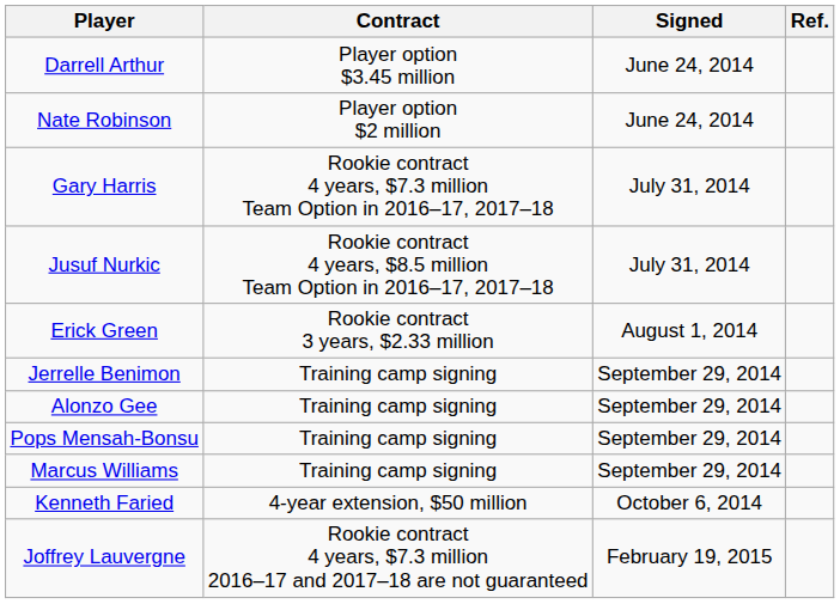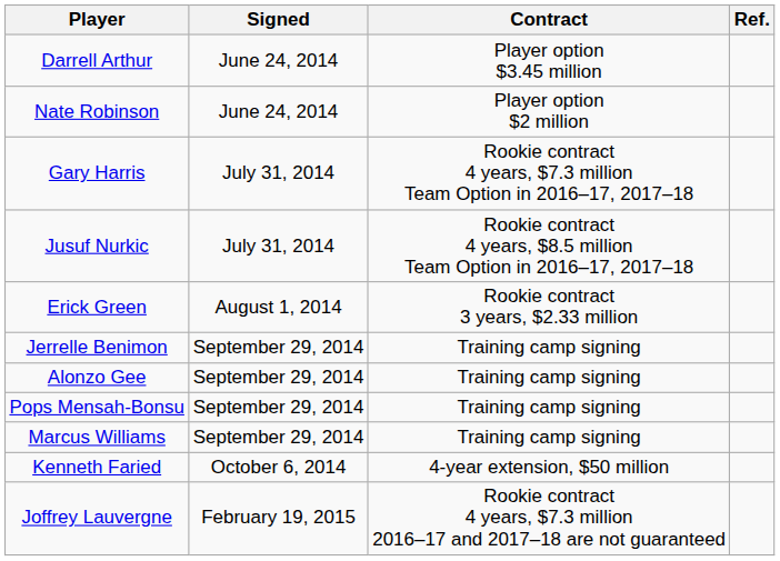 <table class="wikitable sortable sortable" style="text-align: center;">
 <tr>
 <th>Player</th>
+<th>Signed</th>
 <th>Contract</th>
-<th>Signed</th>
 <th>Ref.</th>
 </tr>
 <tr>
 <td><a href='#'>Darrell Arthur</a></td>
+<td>June 24, 2014</td>
 <td>Player option<br>$3.45 million</td>
-<td>June 24, 2014</td>
 <td></td>
 </tr>
 <tr>
 <td><a href='#'>Nate Robinson</a></td>
+<td>June 24, 2014</td>
 <td>Player option<br>$2 million</td>
-<td>June 24, 2014</td>
 <td></td>
 </tr>
 <tr>
 <td><a href='#'>Gary Harris</a></td>
+<td>July 31, 2014</td>
 <td>Rookie contract<br>4 years, $7.3 million<br>Team Option in 2016–17, 2017–18</td>
-<td>July 31, 2014</td>
 <td></td>
 </tr>
 <tr>
 <td><a href='#'>Jusuf Nurkic</a></td>
+<td>July 31, 2014</td>
 <td>Rookie contract<br>4 years, $8.5 million<br>Team Option in 2016–17, 2017–18</td>
-<td>July 31, 2014</td>
 <td></td>
 </tr>
 <tr>
 <td><a href='#'>Erick Green</a></td>
+<td>August 1, 2014</td>
 <td>Rookie contract<br>3 years, $2.33 million</td>
-<td>August 1, 2014</td>
 <td></td>
 </tr>
 <tr>
 <td><a href='#'>Jerrelle Benimon</a></td>
+<td>September 29, 2014</td>
 <td>Training camp signing</td>
-<td>September 29, 2014</td>
 <td></td>
 </tr>
 <tr>
 <td><a href='#'>Alonzo Gee</a></td>
+<td>September 29, 2014</td>
 <td>Training camp signing</td>
-<td>September 29, 2014</td>
 <td></td>
 </tr>
 <tr>
 <td><a href='#'>Pops Mensah-Bonsu</a></td>
+<td>September 29, 2014</td>
 <td>Training camp signing</td>
-<td>September 29, 2014</td>
 <td></td>
 </tr>
 <tr>
 <td><a href='#'>Marcus Williams</a></td>
+<td>September 29, 2014</td>
 <td>Training camp signing</td>
-<td>September 29, 2014</td>
 <td></td>
 </tr>
 <tr>
 <td><a href='#'>Kenneth Faried</a></td>
+<td>October 6, 2014</td>
 <td>4-year extension, $50 million</td>
-<td>October 6, 2014</td>
 <td></td>
 </tr>
 <tr>
 <td><a href='#'>Joffrey Lauvergne</a></td>
+<td>February 19, 2015</td>
 <td>Rookie contract<br>4 years, $7.3 million<br>2016–17 and 2017–18 are not guaranteed</td>
-<td>February 19, 2015</td>
 <td></td>
 </tr>
 </table>
